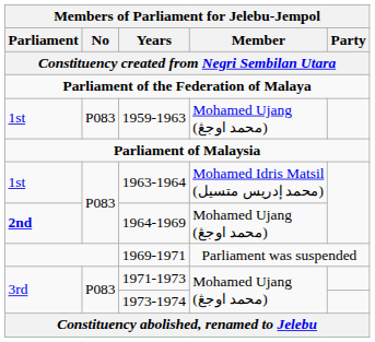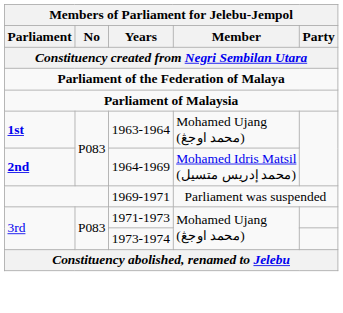 <table class=wikitable>
 <tr>
 <th colspan="5">Members of Parliament for Jelebu-Jempol</th>
 </tr>
 <tr>
 <th>Parliament</th>
 <th>No</th>
 <th>Years</th>
 <th>Member</th>
 <th>Party</th>
 </tr>
 <tr>
 <th colspan="5" align="center"><em>Constituency created from <a href='#'>Negri Sembilan Utara</a></em></th>
 </tr>
 <tr>
 <td colspan="5" align="center"><strong>Parliament of the Federation of Malaya</strong></td>
 </tr>
 <tr>
-<td><a href='#'>1st</a></td>
-<td>P083</td>
-<td>1959-1963</td>
-<td><a href='#'>Mohamed Ujang</a>  <br>(محمد اوجڠ)</td>
-<td></td>
-</tr>
-<tr>
 <td colspan="5" align="center"><strong>Parliament of Malaysia</strong></td>
 </tr>
 <tr>
-<td><a href='#'>1st</a></td>
+<td><strong><a href='#'>1st</a></strong></td>
 <td rowspan="2">P083</td>
 <td>1963-1964</td>
-<td><a href='#'>Mohamed Idris Matsil</a> <br> (محمد إدريس متسيل)</td>
+<td>Mohamed Ujang <br> (محمد اوجڠ)</td>
 <td rowspan=2></td>
 </tr>
 <tr>
 <td><strong><a href='#'>2nd</a></strong></td>
 <td>1964-1969</td>
-<td>Mohamed Ujang <br> (محمد اوجڠ)</td>
+<td><a href='#'>Mohamed Idris Matsil</a> <br> (محمد إدريس متسيل)</td>
 </tr>
 <tr>
 <td colspan="2"></td>
 <td>1969-1971</td>
 <td colspan=2 align=center>Parliament was suspended</td>
 </tr>
 <tr>
 <td rowspan=2><a href='#'>3rd</a></td>
 <td rowspan="2">P083</td>
 <td>1971-1973</td>
 <td rowspan=2>Mohamed Ujang  <br>(محمد اوجڠ)</td>
 <td></td>
 </tr>
 <tr>
 <td>1973-1974</td>
 <td></td>
 </tr>
 <tr>
 <th colspan="5" align="center"><em>Constituency abolished, renamed to <a href='#'>Jelebu</a></em></th>
 </tr>
 </table>
